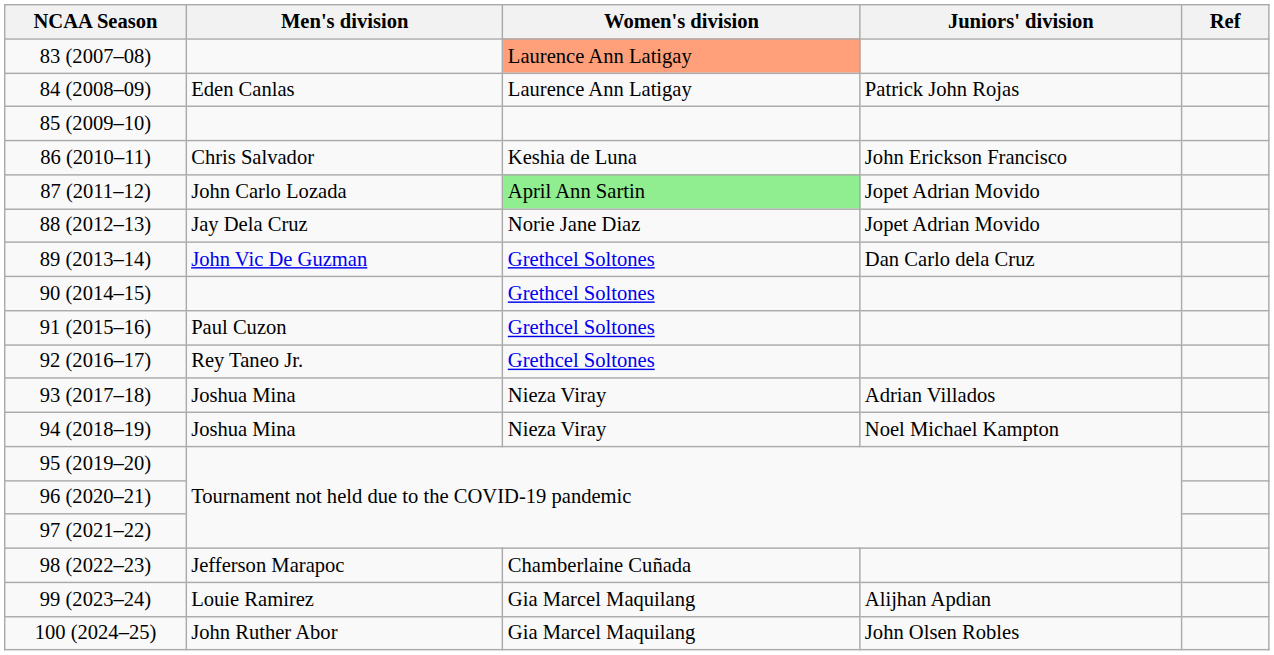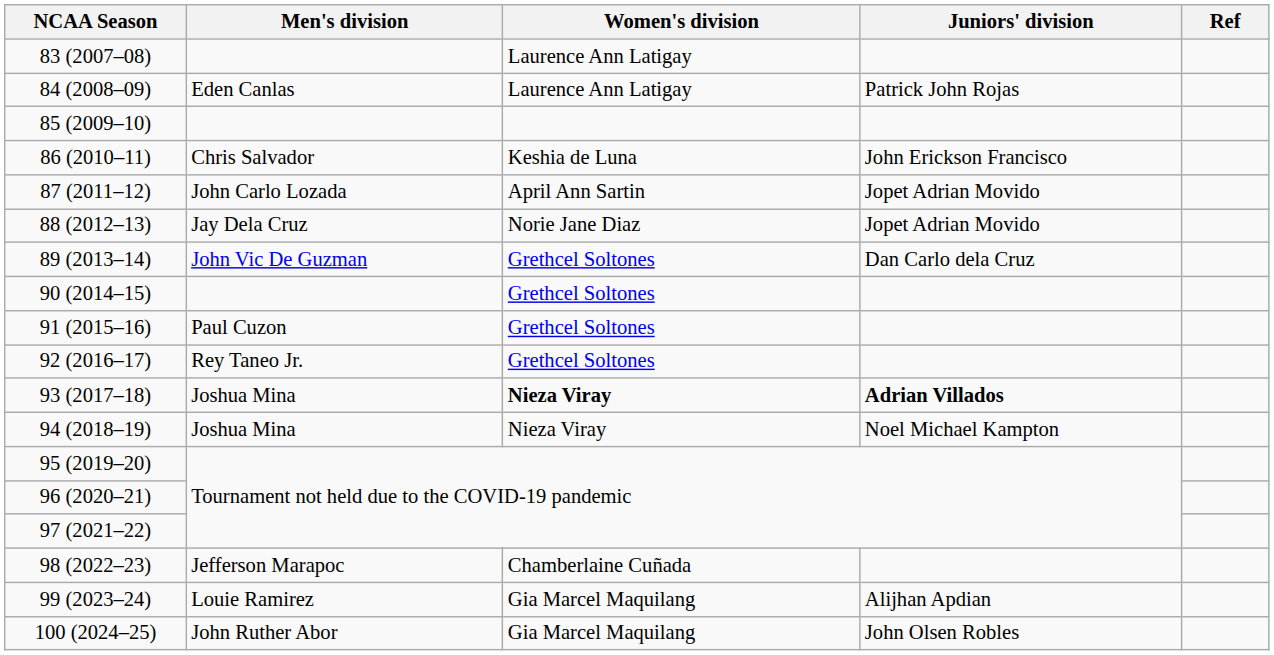 <table class="wikitable" width="70%" style="font-size:90%;">
 <tr>
 <th width=2.4%>NCAA Season</th>
 <th width="5.0%">Men's division</th>
 <th width="5.0%">Women's division</th>
 <th width="5.0%">Juniors' division</th>
 <th width="1.0%">Ref</th>
 </tr>
 <tr>
 <td align=center>83 (2007–08)</td>
 <td></td>
-<td style="background: lightsalmon;"> Laurence Ann Latigay</td>
+<td> Laurence Ann Latigay</td>
 <td></td>
 <td></td>
 </tr>
 <tr>
 <td align=center>84 (2008–09)</td>
 <td> Eden Canlas</td>
 <td> Laurence Ann Latigay</td>
 <td> Patrick John Rojas</td>
 <td></td>
 </tr>
 <tr>
 <td align=center>85 (2009–10)</td>
 <td></td>
 <td></td>
 <td></td>
 <td></td>
 </tr>
 <tr>
 <td align=center>86 (2010–11)</td>
 <td> Chris Salvador</td>
 <td> Keshia de Luna</td>
 <td> John Erickson Francisco</td>
 <td></td>
 </tr>
 <tr>
 <td align=center>87 (2011–12)</td>
 <td> John Carlo Lozada</td>
-<td style="background: lightgreen;"> April Ann Sartin</td>
+<td> April Ann Sartin</td>
 <td> Jopet Adrian Movido</td>
 <td></td>
 </tr>
 <tr>
 <td align=center>88 (2012–13)</td>
 <td> Jay Dela Cruz</td>
 <td> Norie Jane Diaz</td>
 <td> Jopet Adrian Movido</td>
 <td></td>
 </tr>
 <tr>
 <td align=center>89 (2013–14)</td>
 <td> <a href='#'>John Vic De Guzman</a></td>
 <td> <a href='#'>Grethcel Soltones</a></td>
 <td> Dan Carlo dela Cruz</td>
 <td></td>
 </tr>
 <tr>
 <td align=center>90 (2014–15)</td>
 <td></td>
 <td> <a href='#'>Grethcel Soltones</a></td>
 <td></td>
 <td></td>
 </tr>
 <tr>
 <td align=center>91 (2015–16)</td>
 <td> Paul Cuzon</td>
 <td> <a href='#'>Grethcel Soltones</a></td>
 <td></td>
 <td></td>
 </tr>
 <tr>
 <td align=center>92 (2016–17)</td>
 <td> Rey Taneo Jr.</td>
 <td> <a href='#'>Grethcel Soltones</a></td>
 <td></td>
 <td></td>
 </tr>
 <tr>
 <td align=center>93 (2017–18)</td>
 <td> Joshua Mina</td>
-<td> Nieza Viray</td>
-<td> Adrian Villados</td>
+<td><strong> Nieza Viray</strong></td>
+<td><strong> Adrian Villados</strong></td>
 <td></td>
 </tr>
 <tr>
 <td align=center>94 (2018–19)</td>
 <td> Joshua Mina</td>
 <td> Nieza Viray</td>
 <td> Noel Michael Kampton</td>
 <td></td>
 </tr>
 <tr>
 <td align=center>95 (2019–20)</td>
 <td colspan="3" rowspan="3">Tournament not held due to the COVID-19 pandemic</td>
 </tr>
 <tr>
 <td align=center>96 (2020–21)</td>
 <td></td>
 </tr>
 <tr>
 <td align=center>97 (2021–22)</td>
 <td></td>
 </tr>
 <tr>
 <td align=center>98 (2022–23)</td>
 <td> Jefferson Marapoc</td>
 <td> Chamberlaine Cuñada</td>
 <td></td>
 <td></td>
 </tr>
 <tr>
 <td align=center>99 (2023–24)</td>
 <td> Louie Ramirez</td>
 <td> Gia Marcel Maquilang</td>
 <td> Alijhan Apdian</td>
 <td></td>
 </tr>
 <tr>
 <td align=center>100 (2024–25)</td>
 <td> John Ruther Abor</td>
 <td> Gia Marcel Maquilang</td>
 <td> John Olsen Robles</td>
 <td></td>
 </tr>
 </table>
